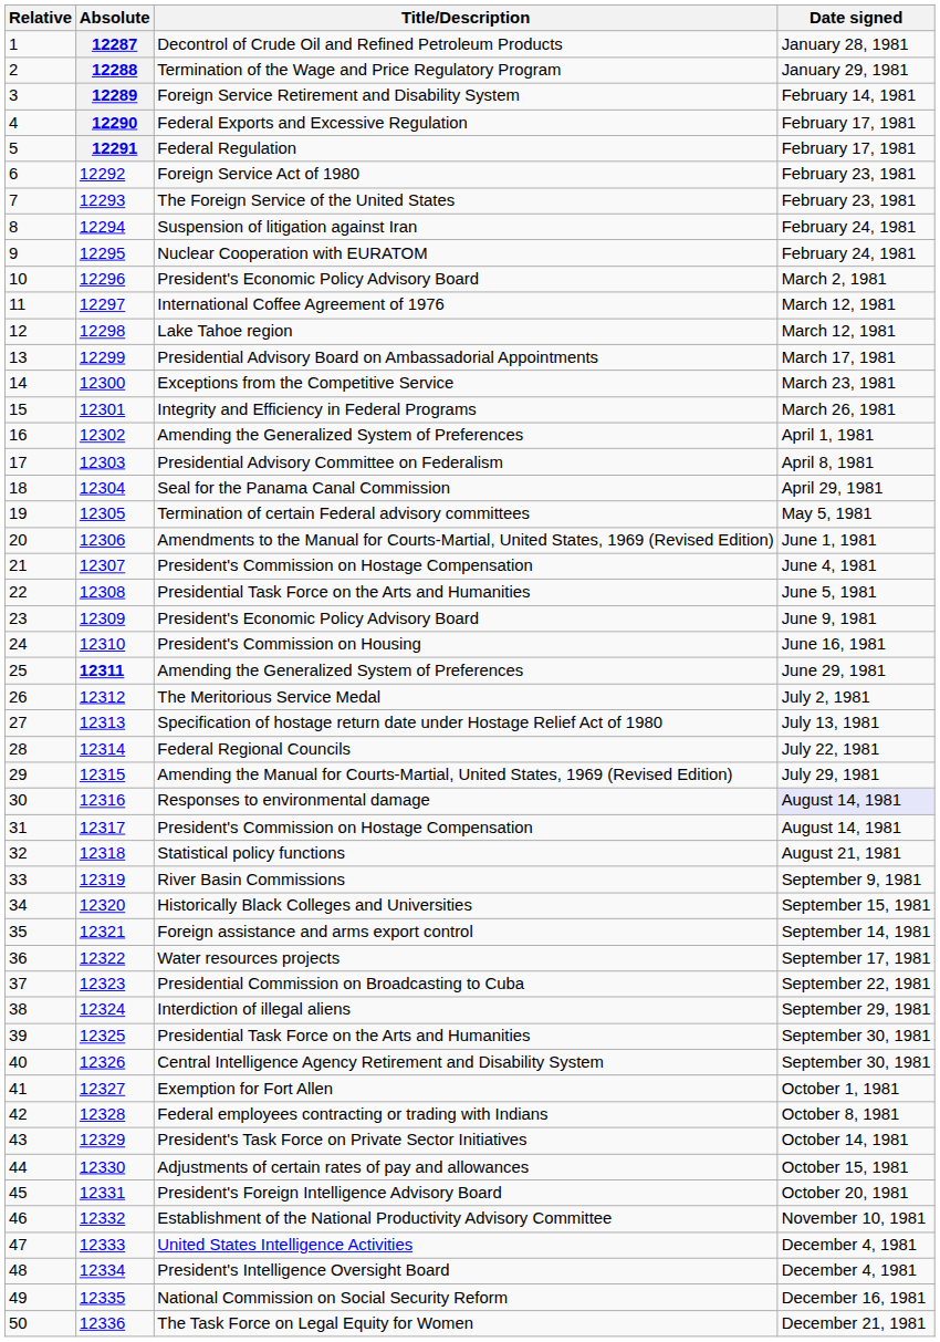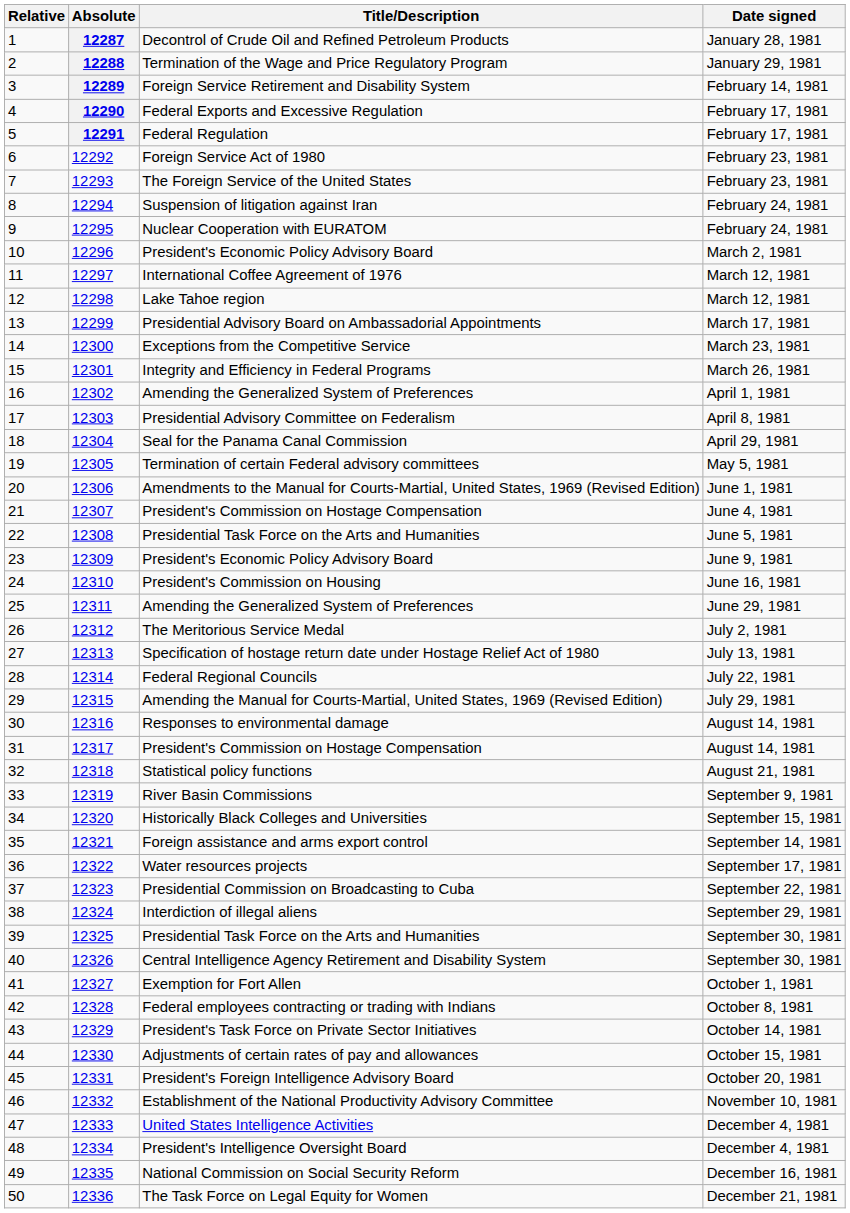 <table class="wikitable">
 <tr>
 <th>Relative </th>
 <th>Absolute </th>
 <th>Title/Description</th>
 <th>Date signed</th>
 </tr>
 <tr>
 <td>1</td>
 <th><a href='#'>12287</a></th>
 <td>Decontrol of Crude Oil and Refined Petroleum Products</td>
 <td>January 28, 1981</td>
 </tr>
 <tr>
 <td>2</td>
 <th><a href='#'>12288</a></th>
 <td>Termination of the Wage and Price Regulatory Program</td>
 <td>January 29, 1981</td>
 </tr>
 <tr>
 <td>3</td>
 <th><a href='#'>12289</a></th>
 <td>Foreign Service Retirement and Disability System</td>
 <td>February 14, 1981</td>
 </tr>
 <tr>
 <td>4</td>
 <th><a href='#'>12290</a></th>
 <td>Federal Exports and Excessive Regulation</td>
 <td>February 17, 1981</td>
 </tr>
 <tr>
 <td>5</td>
 <th><a href='#'>12291</a></th>
 <td>Federal Regulation</td>
 <td>February 17, 1981</td>
 </tr>
 <tr>
 <td>6</td>
 <td><a href='#'>12292</a></td>
 <td>Foreign Service Act of 1980</td>
 <td>February 23, 1981</td>
 </tr>
 <tr>
 <td>7</td>
 <td><a href='#'>12293</a></td>
 <td>The Foreign Service of the United States</td>
 <td>February 23, 1981</td>
 </tr>
 <tr>
 <td>8</td>
 <td><a href='#'>12294</a></td>
 <td>Suspension of litigation against Iran</td>
 <td>February 24, 1981</td>
 </tr>
 <tr>
 <td>9</td>
 <td><a href='#'>12295</a></td>
 <td>Nuclear Cooperation with EURATOM</td>
 <td>February 24, 1981</td>
 </tr>
 <tr>
 <td>10</td>
 <td><a href='#'>12296</a></td>
 <td>President's Economic Policy Advisory Board</td>
 <td>March 2, 1981</td>
 </tr>
 <tr>
 <td>11</td>
 <td><a href='#'>12297</a></td>
 <td>International Coffee Agreement of 1976</td>
 <td>March 12, 1981</td>
 </tr>
 <tr>
 <td>12</td>
 <td><a href='#'>12298</a></td>
 <td>Lake Tahoe region</td>
 <td>March 12, 1981</td>
 </tr>
 <tr>
 <td>13</td>
 <td><a href='#'>12299</a></td>
 <td>Presidential Advisory Board on Ambassadorial Appointments</td>
 <td>March 17, 1981</td>
 </tr>
 <tr>
 <td>14</td>
 <td><a href='#'>12300</a></td>
 <td>Exceptions from the Competitive Service</td>
 <td>March 23, 1981</td>
 </tr>
 <tr>
 <td>15</td>
 <td><a href='#'>12301</a></td>
 <td>Integrity and Efficiency in Federal Programs</td>
 <td>March 26, 1981</td>
 </tr>
 <tr>
 <td>16</td>
 <td><a href='#'>12302</a></td>
 <td>Amending the Generalized System of Preferences</td>
 <td>April 1, 1981</td>
 </tr>
 <tr>
 <td>17</td>
 <td><a href='#'>12303</a></td>
 <td>Presidential Advisory Committee on Federalism</td>
 <td>April 8, 1981</td>
 </tr>
 <tr>
 <td>18</td>
 <td><a href='#'>12304</a></td>
 <td>Seal for the Panama Canal Commission</td>
 <td>April 29, 1981</td>
 </tr>
 <tr>
 <td>19</td>
 <td><a href='#'>12305</a></td>
 <td>Termination of certain Federal advisory committees</td>
 <td>May 5, 1981</td>
 </tr>
 <tr>
 <td>20</td>
 <td><a href='#'>12306</a></td>
 <td>Amendments to the Manual for Courts-Martial, United States, 1969 (Revised Edition)</td>
 <td>June 1, 1981</td>
 </tr>
 <tr>
 <td>21</td>
 <td><a href='#'>12307</a></td>
 <td>President's Commission on Hostage Compensation</td>
 <td>June 4, 1981</td>
 </tr>
 <tr>
 <td>22</td>
 <td><a href='#'>12308</a></td>
 <td>Presidential Task Force on the Arts and Humanities</td>
 <td>June 5, 1981</td>
 </tr>
 <tr>
 <td>23</td>
 <td><a href='#'>12309</a></td>
 <td>President's Economic Policy Advisory Board</td>
 <td>June 9, 1981</td>
 </tr>
 <tr>
 <td>24</td>
 <td><a href='#'>12310</a></td>
 <td>President's Commission on Housing</td>
 <td>June 16, 1981</td>
 </tr>
 <tr>
 <td>25</td>
-<td><strong><a href='#'>12311</a></strong></td>
+<td><a href='#'>12311</a></td>
 <td>Amending the Generalized System of Preferences</td>
 <td>June 29, 1981</td>
 </tr>
 <tr>
 <td>26</td>
 <td><a href='#'>12312</a></td>
 <td>The Meritorious Service Medal</td>
 <td>July 2, 1981</td>
 </tr>
 <tr>
 <td>27</td>
 <td><a href='#'>12313</a></td>
 <td>Specification of hostage return date under Hostage Relief Act of 1980</td>
 <td>July 13, 1981</td>
 </tr>
 <tr>
 <td>28</td>
 <td><a href='#'>12314</a></td>
 <td>Federal Regional Councils</td>
 <td>July 22, 1981</td>
 </tr>
 <tr>
 <td>29</td>
 <td><a href='#'>12315</a></td>
 <td>Amending the Manual for Courts-Martial, United States, 1969 (Revised Edition)</td>
 <td>July 29, 1981</td>
 </tr>
 <tr>
 <td>30</td>
 <td><a href='#'>12316</a></td>
 <td>Responses to environmental damage</td>
-<td style="background: lavender;">August 14, 1981</td>
+<td>August 14, 1981</td>
 </tr>
 <tr>
 <td>31</td>
 <td><a href='#'>12317</a></td>
 <td>President's Commission on Hostage Compensation</td>
 <td>August 14, 1981</td>
 </tr>
 <tr>
 <td>32</td>
 <td><a href='#'>12318</a></td>
 <td>Statistical policy functions</td>
 <td>August 21, 1981</td>
 </tr>
 <tr>
 <td>33</td>
 <td><a href='#'>12319</a></td>
 <td>River Basin Commissions</td>
 <td>September 9, 1981</td>
 </tr>
 <tr>
 <td>34</td>
 <td><a href='#'>12320</a></td>
 <td>Historically Black Colleges and Universities</td>
 <td>September 15, 1981</td>
 </tr>
 <tr>
 <td>35</td>
 <td><a href='#'>12321</a></td>
 <td>Foreign assistance and arms export control</td>
 <td>September 14, 1981</td>
 </tr>
 <tr>
 <td>36</td>
 <td><a href='#'>12322</a></td>
 <td>Water resources projects</td>
 <td>September 17, 1981</td>
 </tr>
 <tr>
 <td>37</td>
 <td><a href='#'>12323</a></td>
 <td>Presidential Commission on Broadcasting to Cuba</td>
 <td>September 22, 1981</td>
 </tr>
 <tr>
 <td>38</td>
 <td><a href='#'>12324</a></td>
 <td>Interdiction of illegal aliens</td>
 <td>September 29, 1981</td>
 </tr>
 <tr>
 <td>39</td>
 <td><a href='#'>12325</a></td>
 <td>Presidential Task Force on the Arts and Humanities</td>
 <td>September 30, 1981</td>
 </tr>
 <tr>
 <td>40</td>
 <td><a href='#'>12326</a></td>
 <td>Central Intelligence Agency Retirement and Disability System</td>
 <td>September 30, 1981</td>
 </tr>
 <tr>
 <td>41</td>
 <td><a href='#'>12327</a></td>
 <td>Exemption for Fort Allen</td>
 <td>October 1, 1981</td>
 </tr>
 <tr>
 <td>42</td>
 <td><a href='#'>12328</a></td>
 <td>Federal employees contracting or trading with Indians</td>
 <td>October 8, 1981</td>
 </tr>
 <tr>
 <td>43</td>
 <td><a href='#'>12329</a></td>
 <td>President's Task Force on Private Sector Initiatives</td>
 <td>October 14, 1981</td>
 </tr>
 <tr>
 <td>44</td>
 <td><a href='#'>12330</a></td>
 <td>Adjustments of certain rates of pay and allowances</td>
 <td>October 15, 1981</td>
 </tr>
 <tr>
 <td>45</td>
 <td><a href='#'>12331</a></td>
 <td>President's Foreign Intelligence Advisory Board</td>
 <td>October 20, 1981</td>
 </tr>
 <tr>
 <td>46</td>
 <td><a href='#'>12332</a></td>
 <td>Establishment of the National Productivity Advisory Committee</td>
 <td>November 10, 1981</td>
 </tr>
 <tr>
 <td>47</td>
 <td><a href='#'>12333</a></td>
 <td><a href='#'>United States Intelligence Activities</a></td>
 <td>December 4, 1981</td>
 </tr>
 <tr>
 <td>48</td>
 <td><a href='#'>12334</a></td>
 <td>President's Intelligence Oversight Board</td>
 <td>December 4, 1981</td>
 </tr>
 <tr>
 <td>49</td>
 <td><a href='#'>12335</a></td>
 <td>National Commission on Social Security Reform</td>
 <td>December 16, 1981</td>
 </tr>
 <tr>
 <td>50</td>
 <td><a href='#'>12336</a></td>
 <td>The Task Force on Legal Equity for Women</td>
 <td>December 21, 1981</td>
 </tr>
 </table>
